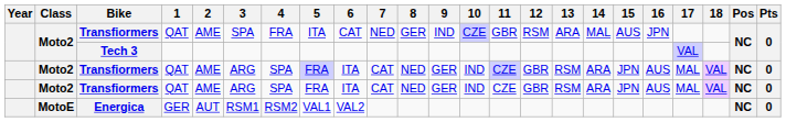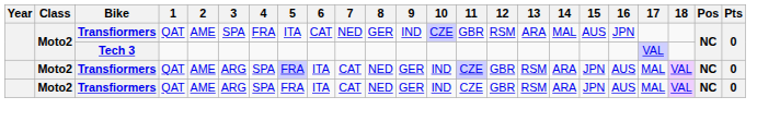 <table class="wikitable" style="text-align:center;">
 <tr>
 <th>Year</th>
 <th>Class</th>
 <th>Bike</th>
 <th>1</th>
 <th>2</th>
 <th>3</th>
 <th>4</th>
 <th>5</th>
 <th>6</th>
 <th>7</th>
 <th>8</th>
 <th>9</th>
 <th>10</th>
 <th>11</th>
 <th>12</th>
 <th>13</th>
 <th>14</th>
 <th>15</th>
 <th>16</th>
 <th>17</th>
 <th>18</th>
 <th>Pos</th>
 <th>Pts</th>
 </tr>
 <tr>
 <th rowspan="2"></th>
 <th rowspan="2">Moto2</th>
 <th><a href='#'>Transfiormers</a></th>
 <td><a href='#'>QAT</a></td>
 <td><a href='#'>AME</a></td>
 <td><a href='#'>SPA</a></td>
 <td><a href='#'>FRA</a></td>
 <td><a href='#'>ITA</a></td>
 <td><a href='#'>CAT</a></td>
 <td><a href='#'>NED</a></td>
 <td><a href='#'>GER</a></td>
 <td><a href='#'>IND</a></td>
 <td style="background:#cfcfff;"><a href='#'>CZE</a><br></td>
 <td><a href='#'>GBR</a></td>
 <td><a href='#'>RSM</a></td>
 <td><a href='#'>ARA</a></td>
 <td><a href='#'>MAL</a></td>
 <td><a href='#'>AUS</a></td>
 <td><a href='#'>JPN</a></td>
 <td></td>
 <td></td>
 <th rowspan="2">NC</th>
 <th rowspan="2">0</th>
 </tr>
 <tr>
 <th><a href='#'>Tech 3</a></th>
 <td></td>
 <td></td>
 <td></td>
 <td></td>
 <td></td>
 <td></td>
 <td></td>
 <td></td>
 <td></td>
 <td></td>
 <td></td>
 <td></td>
 <td></td>
 <td></td>
 <td></td>
 <td></td>
 <td style="background:#cfcfff;"><a href='#'>VAL</a><br></td>
 <td></td>
 </tr>
 <tr>
 <th></th>
 <th>Moto2</th>
 <th><a href='#'>Transfiormers</a></th>
 <td><a href='#'>QAT</a></td>
 <td><a href='#'>AME</a></td>
 <td><a href='#'>ARG</a></td>
 <td><a href='#'>SPA</a></td>
 <td style="background:#cfcfff;"><a href='#'>FRA</a><br></td>
 <td><a href='#'>ITA</a></td>
 <td><a href='#'>CAT</a></td>
 <td><a href='#'>NED</a></td>
 <td><a href='#'>GER</a></td>
 <td><a href='#'>IND</a></td>
 <td style="background:#cfcfff;"><a href='#'>CZE</a><br></td>
 <td><a href='#'>GBR</a></td>
 <td><a href='#'>RSM</a></td>
 <td><a href='#'>ARA</a></td>
 <td><a href='#'>JPN</a></td>
 <td><a href='#'>AUS</a></td>
 <td><a href='#'>MAL</a></td>
 <td style="background:#efcfff;"><a href='#'>VAL</a><br></td>
 <th>NC</th>
 <th>0</th>
 </tr>
 <tr>
 <th></th>
 <th>Moto2</th>
 <th><a href='#'>Transfiormers</a></th>
 <td><a href='#'>QAT</a></td>
 <td><a href='#'>AME</a></td>
 <td><a href='#'>ARG</a></td>
 <td><a href='#'>SPA</a></td>
 <td><a href='#'>FRA</a></td>
 <td><a href='#'>ITA</a></td>
 <td><a href='#'>CAT</a></td>
 <td><a href='#'>NED</a></td>
 <td><a href='#'>GER</a></td>
 <td><a href='#'>IND</a></td>
 <td><a href='#'>CZE</a></td>
 <td><a href='#'>GBR</a></td>
 <td><a href='#'>RSM</a></td>
 <td><a href='#'>ARA</a></td>
 <td><a href='#'>JPN</a></td>
 <td><a href='#'>AUS</a></td>
 <td><a href='#'>MAL</a></td>
 <td style="background:#efcfff;"><a href='#'>VAL</a><br></td>
 <th>NC</th>
 <th>0</th>
 </tr>
-<tr>
-<th></th>
-<th>MotoE</th>
-<th><a href='#'>Energica</a></th>
-<td><a href='#'>GER</a></td>
-<td><a href='#'>AUT</a></td>
-<td><a href='#'>RSM1</a></td>
-<td><a href='#'>RSM2</a></td>
-<td style="background:#ffffff;"><a href='#'>VAL1</a><br></td>
-<td style="background:#ffffff;"><a href='#'>VAL2</a><br></td>
-<td></td>
-<td></td>
-<td></td>
-<td></td>
-<td></td>
-<td></td>
-<td></td>
-<td></td>
-<td></td>
-<td></td>
-<td></td>
-<td></td>
-<th>NC</th>
-<th>0</th>
-</tr>
 </table>
